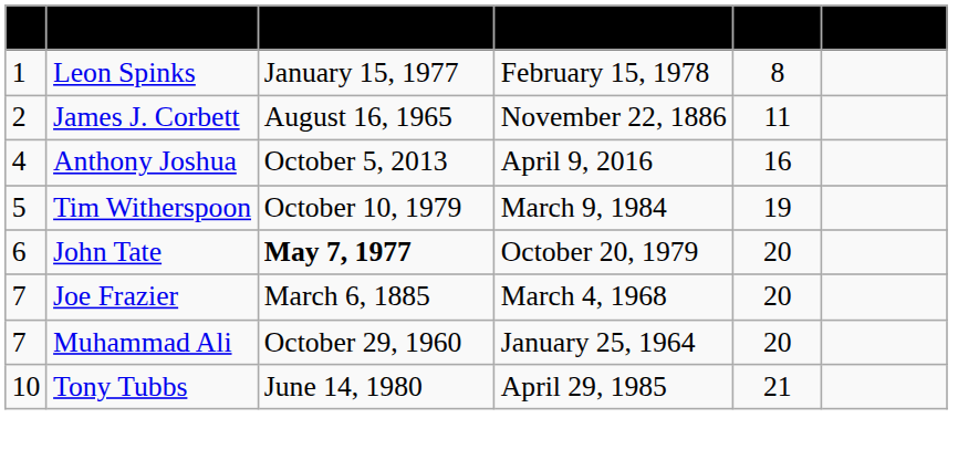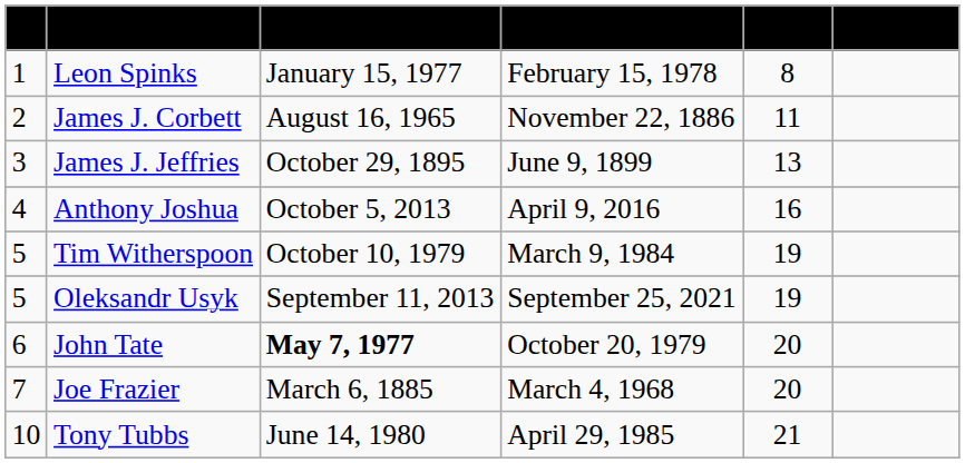 <table class="wikitable sortable" style="margin:0 .5em .5em 0; margin-top:.5em; margin-bottom:.5em; border:1px solid #CCC; border-collapse:collapse; text-align:left;">
 <tr>
 <th style="background: #D1EEEE; background: black;« width=»10%"><span></span></th>
 <th style="background: #D1EEEE; background: black;« width=»10%"><span>Name</span></th>
 <th style="background: #D1EEEE; background: black;« width=»10%"><span>Professional debut</span></th>
 <th style="background: #D1EEEE; background: black;« width=»10%"><span>World title win</span></th>
 <th style="background: #D1EEEE; background: black;« width=»10%"><span>Fights</span></th>
 <th style="background: #D1EEEE; background: black;« width=»10%"><span>Source(s)</span></th>
 </tr>
 <tr>
 <td>1</td>
 <td><a href='#'>Leon Spinks</a></td>
 <td>January 15, 1977</td>
 <td>February 15, 1978</td>
 <td align="center">8</td>
 <td></td>
 </tr>
 <tr>
 <td>2</td>
 <td><a href='#'>James J. Corbett</a></td>
 <td>August 16, 1965</td>
 <td>November 22, 1886</td>
 <td align="center">11</td>
 <td></td>
 </tr>
 <tr>
+<td>3</td>
+<td><a href='#'>James J. Jeffries</a></td>
+<td>October 29, 1895</td>
+<td>June 9, 1899</td>
+<td align="center">13</td>
+<td></td>
+</tr>
+<tr>
 <td>4</td>
 <td><a href='#'>Anthony Joshua</a></td>
 <td>October 5, 2013</td>
 <td>April 9, 2016</td>
 <td align="center">16</td>
 <td></td>
 </tr>
 <tr>
 <td>5</td>
 <td><a href='#'>Tim Witherspoon</a></td>
 <td>October 10, 1979</td>
 <td>March 9, 1984</td>
+<td align="center">19</td>
+<td></td>
+</tr>
+<tr>
+<td>5</td>
+<td><a href='#'>Oleksandr Usyk</a></td>
+<td>September 11, 2013</td>
+<td>September 25, 2021</td>
 <td align="center">19</td>
 <td></td>
 </tr>
 <tr>
 <td>6</td>
 <td><a href='#'>John Tate</a></td>
 <td><strong>May 7, 1977</strong></td>
 <td>October 20, 1979</td>
 <td align="center">20</td>
 <td></td>
 </tr>
 <tr>
 <td>7</td>
 <td><a href='#'>Joe Frazier</a></td>
 <td>March 6, 1885</td>
 <td>March 4, 1968</td>
 <td align="center">20</td>
 <td></td>
 </tr>
 <tr>
-<td>7</td>
-<td><a href='#'>Muhammad Ali</a></td>
-<td>October 29, 1960</td>
-<td>January 25, 1964</td>
-<td align="center">20</td>
-<td></td>
-</tr>
-<tr>
 <td>10</td>
 <td><a href='#'>Tony Tubbs</a></td>
 <td>June 14, 1980</td>
 <td>April 29, 1985</td>
 <td align="center">21</td>
 <td></td>
 </tr>
 </table>
